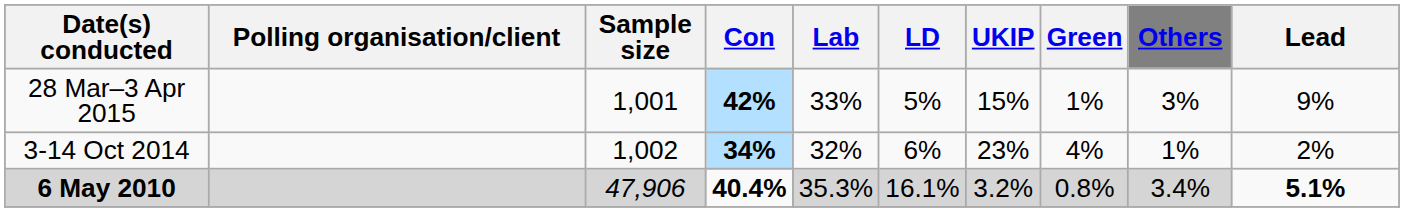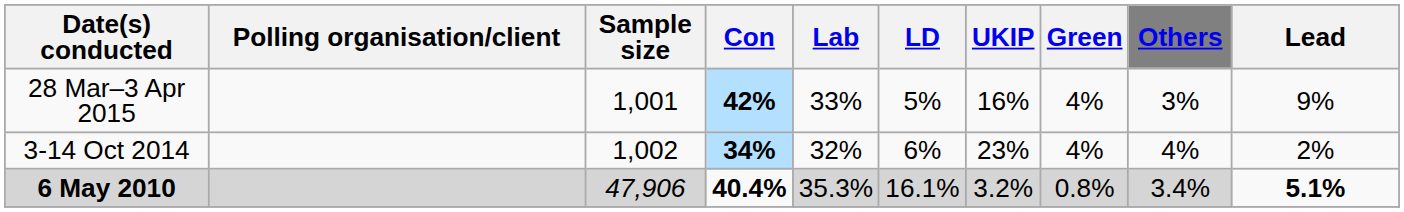 <table class="wikitable sortable" style="text-align:center;font-size:90%;line-height:14px">
 <tr>
 <th ! style="width:105px;">Date(s)<br>conducted</th>
 <th style="width:200px;">Polling organisation/client</th>
 <th class="unsortable" style="width:60px;">Sample size</th>
 <th class="unsortable" style="background:"><a href='#'><span>Con</span></a></th>
 <th class="unsortable" style="background:"><a href='#'><span>Lab</span></a></th>
 <th class="unsortable" style="background:"><a href='#'><span>LD</span></a></th>
 <th class="unsortable" style="background:"><a href='#'><span>UKIP</span></a></th>
 <th class="unsortable" style="background:"><a href='#'><span>Green</span></a></th>
 <th class="unsortable" style="background:gray; width:50px;"><a href='#'><span>Others</span></a></th>
 <th class="unsortable" style="width:85px;">Lead</th>
 </tr>
 <tr>
 <td>28 Mar–3 Apr 2015</td>
 <td></td>
 <td>1,001</td>
 <td style="background:#B3E0FF"><strong>42%</strong></td>
 <td>33%</td>
 <td>5%</td>
-<td>15%</td>
-<td>1%</td>
+<td>16%</td>
+<td>4%</td>
 <td>3%</td>
 <td style="background:">9%</td>
 </tr>
 <tr>
 <td>3-14 Oct 2014</td>
 <td></td>
 <td>1,002</td>
 <td style="background:#B3E0FF"><strong>34%</strong></td>
 <td>32%</td>
 <td>6%</td>
 <td>23%</td>
 <td>4%</td>
-<td>1%</td>
+<td>4%</td>
 <td style="background:">2%</td>
 </tr>
 <tr>
 <td style="background:#D5D5D5"><strong>6 May 2010</strong></td>
 <td style="background:#D5D5D5"></td>
 <td style="background:#D5D5D5"><em>47,906</em></td>
 <td style="background:"><strong>40.4%</strong></td>
 <td style="background:#D5D5D5">35.3%</td>
 <td style="background:#D5D5D5">16.1%</td>
 <td style="background:#D5D5D5">3.2%</td>
 <td style="background:#D5D5D5">0.8%</td>
 <td style="background:#D5D5D5">3.4%</td>
 <td style="background:"><strong>5.1% </strong></td>
 </tr>
 </table>
